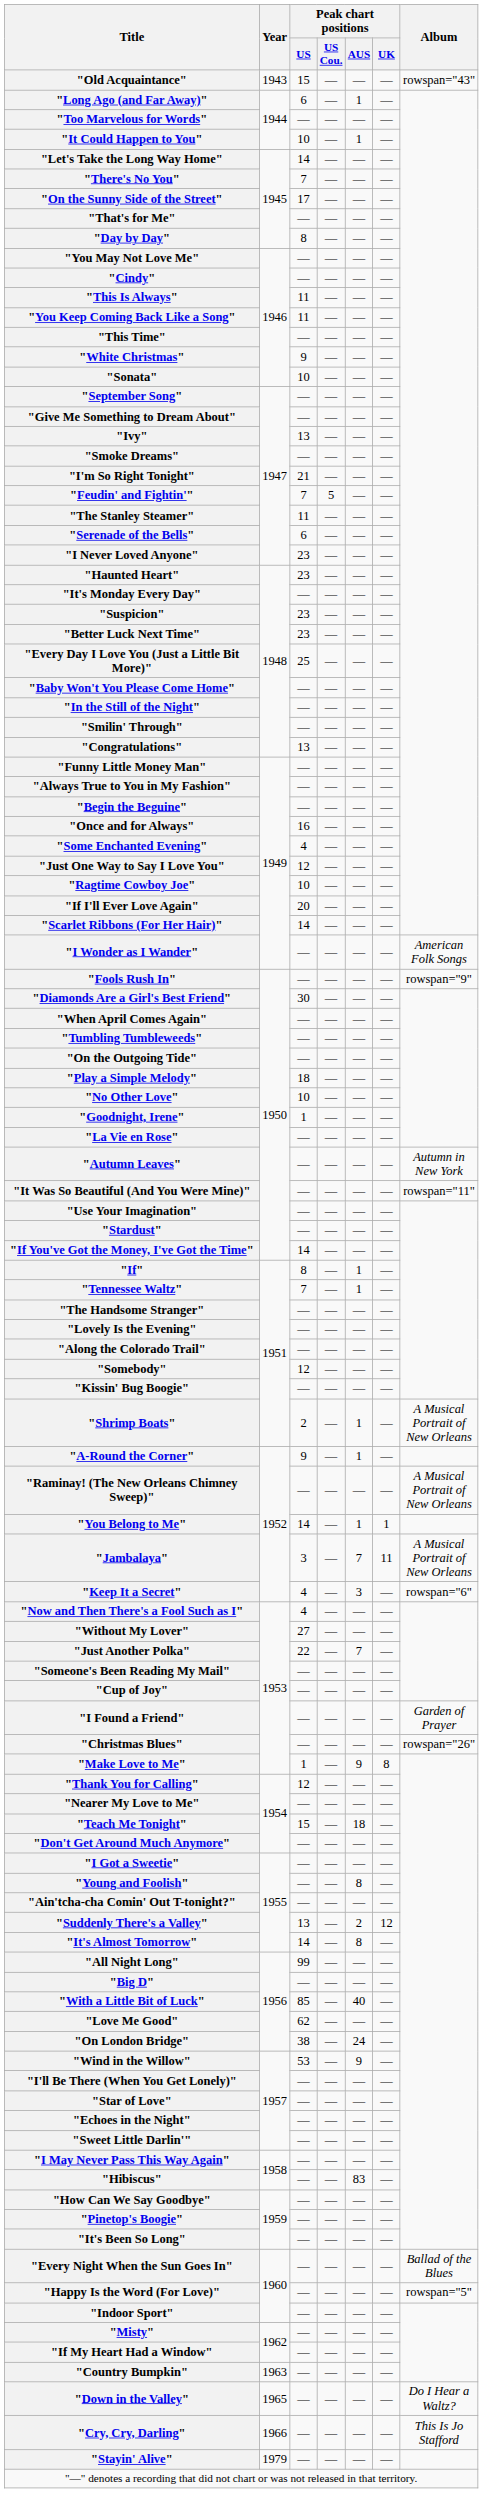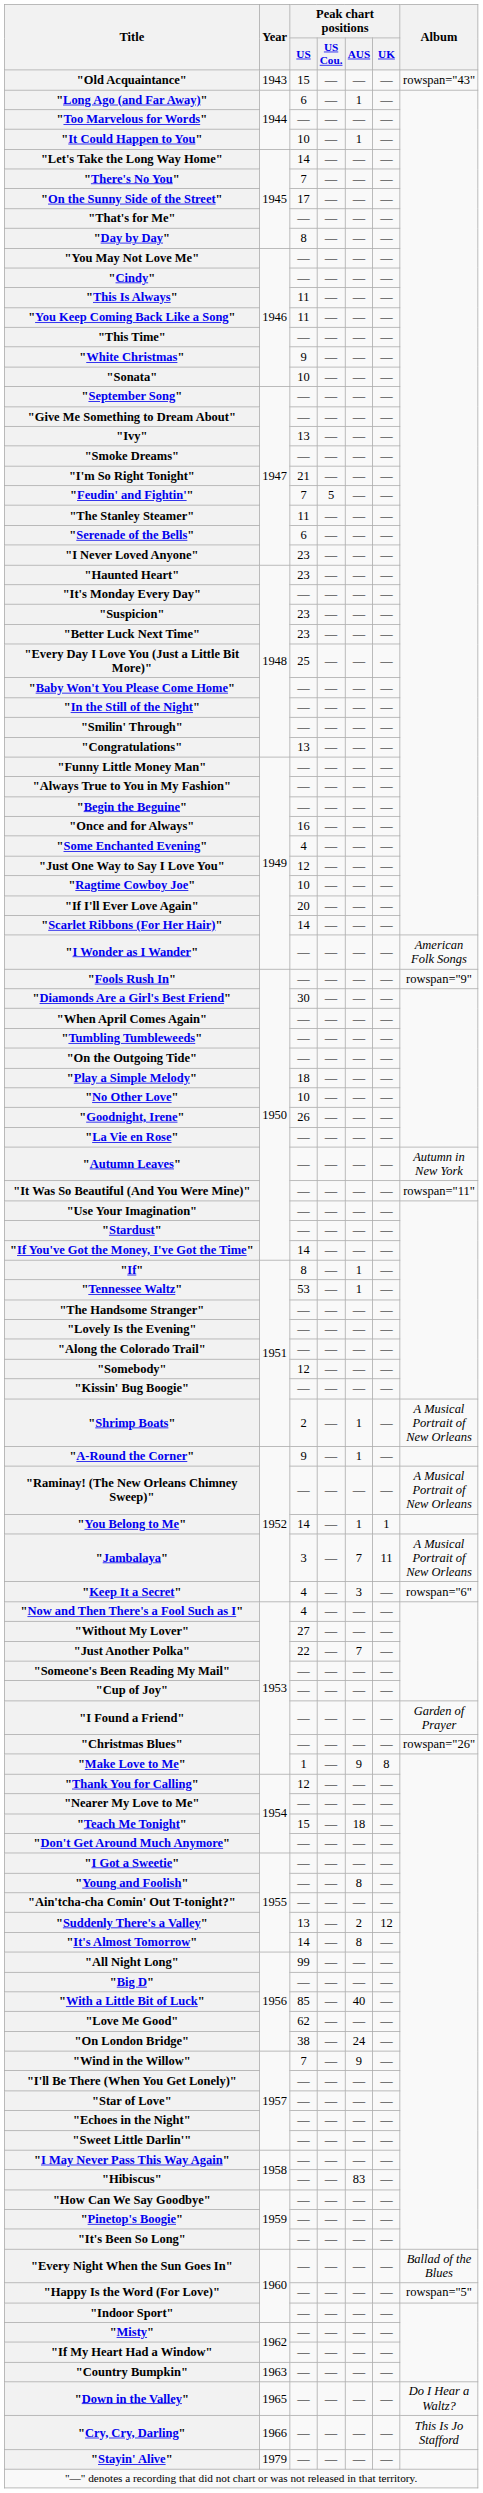 <table class="wikitable plainrowheaders" style="text-align:center;" border="1">
 <tr>
 <th scope="col" rowspan="2" style="width:21em;">Title</th>
 <th scope="col" rowspan="2">Year</th>
 <th scope="col" colspan="4">Peak chart positions</th>
 <th scope="col" rowspan="2">Album</th>
 </tr>
 <tr>
 <th scope="col" style="width:2em;font-size:90%;"><a href='#'>US</a><br></th>
 <th scope="col" style="width:2em;font-size:90%;"><a href='#'>US<br>Cou.</a><br></th>
 <th scope="col" style="width:2em;font-size:90%;"><a href='#'>AUS</a><br></th>
 <th scope="col" style="width:2em;font-size:90%;"><a href='#'>UK</a><br></th>
 </tr>
 <tr>
 <th scope="row">"Old Acquaintance"</th>
 <td>1943</td>
 <td>15</td>
 <td>—</td>
 <td>—</td>
 <td>—</td>
 <td>rowspan="43" </td>
 </tr>
 <tr>
 <th scope="row">"<a href='#'>Long Ago (and Far Away)</a>"</th>
 <td rowspan="3">1944</td>
 <td>6</td>
 <td>—</td>
 <td>1</td>
 <td>—</td>
 </tr>
 <tr>
 <th scope="row">"<a href='#'>Too Marvelous for Words</a>"</th>
 <td>—</td>
 <td>—</td>
 <td>—</td>
 <td>—</td>
 </tr>
 <tr>
 <th scope="row">"<a href='#'>It Could Happen to You</a>"</th>
 <td>10</td>
 <td>—</td>
 <td>1</td>
 <td>—</td>
 </tr>
 <tr>
 <th scope="row">"Let's Take the Long Way Home"</th>
 <td rowspan="5">1945</td>
 <td>14</td>
 <td>—</td>
 <td>—</td>
 <td>—</td>
 </tr>
 <tr>
 <th scope="row">"<a href='#'>There's No You</a>"</th>
 <td>7</td>
 <td>—</td>
 <td>—</td>
 <td>—</td>
 </tr>
 <tr>
 <th scope="row">"<a href='#'>On the Sunny Side of the Street</a>"</th>
 <td>17</td>
 <td>—</td>
 <td>—</td>
 <td>—</td>
 </tr>
 <tr>
 <th scope="row">"That's for Me"</th>
 <td>—</td>
 <td>—</td>
 <td>—</td>
 <td>—</td>
 </tr>
 <tr>
 <th scope="row">"<a href='#'>Day by Day</a>"</th>
 <td>8</td>
 <td>—</td>
 <td>—</td>
 <td>—</td>
 </tr>
 <tr>
 <th scope="row">"You May Not Love Me"</th>
 <td rowspan="7">1946</td>
 <td>—</td>
 <td>—</td>
 <td>—</td>
 <td>—</td>
 </tr>
 <tr>
 <th scope="row">"<a href='#'>Cindy</a>"</th>
 <td>—</td>
 <td>—</td>
 <td>—</td>
 <td>—</td>
 </tr>
 <tr>
 <th scope="row">"<a href='#'>This Is Always</a>"</th>
 <td>11</td>
 <td>—</td>
 <td>—</td>
 <td>—</td>
 </tr>
 <tr>
 <th scope="row">"<a href='#'>You Keep Coming Back Like a Song</a>"</th>
 <td>11</td>
 <td>—</td>
 <td>—</td>
 <td>—</td>
 </tr>
 <tr>
 <th scope="row">"This Time"</th>
 <td>—</td>
 <td>—</td>
 <td>—</td>
 <td>—</td>
 </tr>
 <tr>
 <th scope="row">"<a href='#'>White Christmas</a>"</th>
 <td>9</td>
 <td>—</td>
 <td>—</td>
 <td>—</td>
 </tr>
 <tr>
 <th scope="row">"Sonata"</th>
 <td>10</td>
 <td>—</td>
 <td>—</td>
 <td>—</td>
 </tr>
 <tr>
 <th scope="row">"<a href='#'>September Song</a>"</th>
 <td rowspan="9">1947</td>
 <td>—</td>
 <td>—</td>
 <td>—</td>
 <td>—</td>
 </tr>
 <tr>
 <th scope="row">"Give Me Something to Dream About"</th>
 <td>—</td>
 <td>—</td>
 <td>—</td>
 <td>—</td>
 </tr>
 <tr>
 <th scope="row">"Ivy"</th>
 <td>13</td>
 <td>—</td>
 <td>—</td>
 <td>—</td>
 </tr>
 <tr>
 <th scope="row">"Smoke Dreams"</th>
 <td>—</td>
 <td>—</td>
 <td>—</td>
 <td>—</td>
 </tr>
 <tr>
 <th scope="row">"I'm So Right Tonight"</th>
 <td>21</td>
 <td>—</td>
 <td>—</td>
 <td>—</td>
 </tr>
 <tr>
 <th scope="row">"<a href='#'>Feudin' and Fightin'</a>"</th>
 <td>7</td>
 <td>5</td>
 <td>—</td>
 <td>—</td>
 </tr>
 <tr>
 <th scope="row">"The Stanley Steamer"</th>
 <td>11</td>
 <td>—</td>
 <td>—</td>
 <td>—</td>
 </tr>
 <tr>
 <th scope="row">"<a href='#'>Serenade of the Bells</a>"</th>
 <td>6</td>
 <td>—</td>
 <td>—</td>
 <td>—</td>
 </tr>
 <tr>
 <th scope="row">"I Never Loved Anyone"</th>
 <td>23</td>
 <td>—</td>
 <td>—</td>
 <td>—</td>
 </tr>
 <tr>
 <th scope="row">"Haunted Heart"</th>
 <td rowspan="9">1948</td>
 <td>23</td>
 <td>—</td>
 <td>—</td>
 <td>—</td>
 </tr>
 <tr>
 <th scope="row">"It's Monday Every Day"</th>
 <td>—</td>
 <td>—</td>
 <td>—</td>
 <td>—</td>
 </tr>
 <tr>
 <th scope="row">"Suspicion"</th>
 <td>23</td>
 <td>—</td>
 <td>—</td>
 <td>—</td>
 </tr>
 <tr>
 <th scope="row">"Better Luck Next Time"</th>
 <td>23</td>
 <td>—</td>
 <td>—</td>
 <td>—</td>
 </tr>
 <tr>
 <th scope="row">"Every Day I Love You (Just a Little Bit More)"</th>
 <td>25</td>
 <td>—</td>
 <td>—</td>
 <td>—</td>
 </tr>
 <tr>
 <th scope="row">"<a href='#'>Baby Won't You Please Come Home</a>"</th>
 <td>—</td>
 <td>—</td>
 <td>—</td>
 <td>—</td>
 </tr>
 <tr>
 <th scope="row">"<a href='#'>In the Still of the Night</a>"</th>
 <td>—</td>
 <td>—</td>
 <td>—</td>
 <td>—</td>
 </tr>
 <tr>
 <th scope="row">"Smilin' Through"</th>
 <td>—</td>
 <td>—</td>
 <td>—</td>
 <td>—</td>
 </tr>
 <tr>
 <th scope="row">"Congratulations"</th>
 <td>13</td>
 <td>—</td>
 <td>—</td>
 <td>—</td>
 </tr>
 <tr>
 <th scope="row">"Funny Little Money Man"</th>
 <td rowspan="10">1949</td>
 <td>—</td>
 <td>—</td>
 <td>—</td>
 <td>—</td>
 </tr>
 <tr>
 <th scope="row">"Always True to You in My Fashion"</th>
 <td>—</td>
 <td>—</td>
 <td>—</td>
 <td>—</td>
 </tr>
 <tr>
 <th scope="row">"<a href='#'>Begin the Beguine</a>"</th>
 <td>—</td>
 <td>—</td>
 <td>—</td>
 <td>—</td>
 </tr>
 <tr>
 <th scope="row">"Once and for Always"</th>
 <td>16</td>
 <td>—</td>
 <td>—</td>
 <td>—</td>
 </tr>
 <tr>
 <th scope="row">"<a href='#'>Some Enchanted Evening</a>"</th>
 <td>4</td>
 <td>—</td>
 <td>—</td>
 <td>—</td>
 </tr>
 <tr>
 <th scope="row">"Just One Way to Say I Love You"</th>
 <td>12</td>
 <td>—</td>
 <td>—</td>
 <td>—</td>
 </tr>
 <tr>
 <th scope="row">"<a href='#'>Ragtime Cowboy Joe</a>"</th>
 <td>10</td>
 <td>—</td>
 <td>—</td>
 <td>—</td>
 </tr>
 <tr>
 <th scope="row">"If I'll Ever Love Again"</th>
 <td>20</td>
 <td>—</td>
 <td>—</td>
 <td>—</td>
 </tr>
 <tr>
 <th scope="row">"<a href='#'>Scarlet Ribbons (For Her Hair)</a>"</th>
 <td>14</td>
 <td>—</td>
 <td>—</td>
 <td>—</td>
 </tr>
 <tr>
 <th scope="row">"<a href='#'>I Wonder as I Wander</a>"</th>
 <td>—</td>
 <td>—</td>
 <td>—</td>
 <td>—</td>
 <td><em>American Folk Songs</em></td>
 </tr>
 <tr>
 <th scope="row">"<a href='#'>Fools Rush In</a>"</th>
 <td rowspan="14">1950</td>
 <td>—</td>
 <td>—</td>
 <td>—</td>
 <td>—</td>
 <td>rowspan="9" </td>
 </tr>
 <tr>
 <th scope="row">"<a href='#'>Diamonds Are a Girl's Best Friend</a>"</th>
 <td>30</td>
 <td>—</td>
 <td>—</td>
 <td>—</td>
 </tr>
 <tr>
 <th scope="row">"When April Comes Again"</th>
 <td>—</td>
 <td>—</td>
 <td>—</td>
 <td>—</td>
 </tr>
 <tr>
 <th scope="row">"<a href='#'>Tumbling Tumbleweeds</a>"</th>
 <td>—</td>
 <td>—</td>
 <td>—</td>
 <td>—</td>
 </tr>
 <tr>
 <th scope="row">"On the Outgoing Tide"</th>
 <td>—</td>
 <td>—</td>
 <td>—</td>
 <td>—</td>
 </tr>
 <tr>
 <th scope="row">"<a href='#'>Play a Simple Melody</a>"</th>
 <td>18</td>
 <td>—</td>
 <td>—</td>
 <td>—</td>
 </tr>
 <tr>
 <th scope="row">"<a href='#'>No Other Love</a>"</th>
 <td>10</td>
 <td>—</td>
 <td>—</td>
 <td>—</td>
 </tr>
 <tr>
 <th scope="row">"<a href='#'>Goodnight, Irene</a>"</th>
-<td>1</td>
+<td>26</td>
 <td>—</td>
 <td>—</td>
 <td>—</td>
 </tr>
 <tr>
 <th scope="row">"<a href='#'>La Vie en Rose</a>"</th>
 <td>—</td>
 <td>—</td>
 <td>—</td>
 <td>—</td>
 </tr>
 <tr>
 <th scope="row">"<a href='#'>Autumn Leaves</a>"</th>
 <td>—</td>
 <td>—</td>
 <td>—</td>
 <td>—</td>
 <td><em>Autumn in New York</em></td>
 </tr>
 <tr>
 <th scope="row">"It Was So Beautiful (And You Were Mine)"</th>
 <td>—</td>
 <td>—</td>
 <td>—</td>
 <td>—</td>
 <td>rowspan="11" </td>
 </tr>
 <tr>
 <th scope="row">"Use Your Imagination"</th>
 <td>—</td>
 <td>—</td>
 <td>—</td>
 <td>—</td>
 </tr>
 <tr>
 <th scope="row">"<a href='#'>Stardust</a>"</th>
 <td>—</td>
 <td>—</td>
 <td>—</td>
 <td>—</td>
 </tr>
 <tr>
 <th scope="row">"<a href='#'>If You've Got the Money, I've Got the Time</a>"</th>
 <td>14</td>
 <td>—</td>
 <td>—</td>
 <td>—</td>
 </tr>
 <tr>
 <th scope="row">"<a href='#'>If</a>"</th>
 <td rowspan="8">1951</td>
 <td>8</td>
 <td>—</td>
 <td>1</td>
 <td>—</td>
 </tr>
 <tr>
 <th scope="row">"<a href='#'>Tennessee Waltz</a>"</th>
-<td>7</td>
+<td>53</td>
 <td>—</td>
 <td>1</td>
 <td>—</td>
 </tr>
 <tr>
 <th scope="row">"The Handsome Stranger"</th>
 <td>—</td>
 <td>—</td>
 <td>—</td>
 <td>—</td>
 </tr>
 <tr>
 <th scope="row">"Lovely Is the Evening"</th>
 <td>—</td>
 <td>—</td>
 <td>—</td>
 <td>—</td>
 </tr>
 <tr>
 <th scope="row">"Along the Colorado Trail"</th>
 <td>—</td>
 <td>—</td>
 <td>—</td>
 <td>—</td>
 </tr>
 <tr>
 <th scope="row">"Somebody"</th>
 <td>12</td>
 <td>—</td>
 <td>—</td>
 <td>—</td>
 </tr>
 <tr>
 <th scope="row">"Kissin' Bug Boogie"</th>
 <td>—</td>
 <td>—</td>
 <td>—</td>
 <td>—</td>
 </tr>
 <tr>
 <th scope="row">"<a href='#'>Shrimp Boats</a>"</th>
 <td>2</td>
 <td>—</td>
 <td>1</td>
 <td>—</td>
 <td><em>A Musical Portrait of New Orleans</em></td>
 </tr>
 <tr>
 <th scope="row">"<a href='#'>A-Round the Corner</a>"</th>
 <td rowspan="5">1952</td>
 <td>9</td>
 <td>—</td>
 <td>1</td>
 <td>—</td>
 <td></td>
 </tr>
 <tr>
 <th scope="row">"Raminay! (The New Orleans Chimney Sweep)"</th>
 <td>—</td>
 <td>—</td>
 <td>—</td>
 <td>—</td>
 <td><em>A Musical Portrait of New Orleans</em></td>
 </tr>
 <tr>
 <th scope="row">"<a href='#'>You Belong to Me</a>"</th>
 <td>14</td>
 <td>—</td>
 <td>1</td>
 <td>1</td>
 <td></td>
 </tr>
 <tr>
 <th scope="row">"<a href='#'>Jambalaya</a>"</th>
 <td>3</td>
 <td>—</td>
 <td>7</td>
 <td>11</td>
 <td><em>A Musical Portrait of New Orleans</em></td>
 </tr>
 <tr>
 <th scope="row">"<a href='#'>Keep It a Secret</a>"</th>
 <td>4</td>
 <td>—</td>
 <td>3</td>
 <td>—</td>
 <td>rowspan="6" </td>
 </tr>
 <tr>
 <th scope="row">"<a href='#'>Now and Then There's a Fool Such as I</a>"</th>
 <td rowspan="8">1953</td>
 <td>4</td>
 <td>—</td>
 <td>—</td>
 <td>—</td>
 </tr>
 <tr>
 <th scope="row">"Without My Lover"</th>
 <td>27</td>
 <td>—</td>
 <td>—</td>
 <td>—</td>
 </tr>
 <tr>
 <th scope="row">"Just Another Polka"</th>
 <td>22</td>
 <td>—</td>
 <td>7</td>
 <td>—</td>
 </tr>
 <tr>
 <th scope="row">"Someone's Been Reading My Mail"</th>
 <td>—</td>
 <td>—</td>
 <td>—</td>
 <td>—</td>
 </tr>
 <tr>
 <th scope="row">"Cup of Joy"</th>
 <td>—</td>
 <td>—</td>
 <td>—</td>
 <td>—</td>
 </tr>
 <tr>
 <th scope="row">"I Found a Friend"</th>
 <td>—</td>
 <td>—</td>
 <td>—</td>
 <td>—</td>
 <td><em>Garden of Prayer</em></td>
 </tr>
 <tr>
 <th scope="row">"Christmas Blues"</th>
 <td>—</td>
 <td>—</td>
 <td>—</td>
 <td>—</td>
 <td>rowspan="26" </td>
 </tr>
 <tr>
 <th scope="row">"<a href='#'>Make Love to Me</a>"</th>
 <td>1</td>
 <td>—</td>
 <td>9</td>
 <td>8</td>
 </tr>
 <tr>
 <th scope="row">"<a href='#'>Thank You for Calling</a>"</th>
 <td rowspan="4">1954</td>
 <td>12</td>
 <td>—</td>
 <td>—</td>
 <td>—</td>
 </tr>
 <tr>
 <th scope="row">"Nearer My Love to Me"</th>
 <td>—</td>
 <td>—</td>
 <td>—</td>
 <td>—</td>
 </tr>
 <tr>
 <th scope="row">"<a href='#'>Teach Me Tonight</a>"</th>
 <td>15</td>
 <td>—</td>
 <td>18</td>
 <td>—</td>
 </tr>
 <tr>
 <th scope="row">"<a href='#'>Don't Get Around Much Anymore</a>"</th>
 <td>—</td>
 <td>—</td>
 <td>—</td>
 <td>—</td>
 </tr>
 <tr>
 <th scope="row">"<a href='#'>I Got a Sweetie</a>"</th>
 <td rowspan="5">1955</td>
 <td>—</td>
 <td>—</td>
 <td>—</td>
 <td>—</td>
 </tr>
 <tr>
 <th scope="row">"<a href='#'>Young and Foolish</a>"</th>
 <td>—</td>
 <td>—</td>
 <td>8</td>
 <td>—</td>
 </tr>
 <tr>
 <th scope="row">"Ain'tcha-cha Comin' Out T-tonight?"</th>
 <td>—</td>
 <td>—</td>
 <td>—</td>
 <td>—</td>
 </tr>
 <tr>
 <th scope="row">"<a href='#'>Suddenly There's a Valley</a>"</th>
 <td>13</td>
 <td>—</td>
 <td>2</td>
 <td>12</td>
 </tr>
 <tr>
 <th scope="row">"<a href='#'>It's Almost Tomorrow</a>"</th>
 <td>14</td>
 <td>—</td>
 <td>8</td>
 <td>—</td>
 </tr>
 <tr>
 <th scope="row">"All Night Long"</th>
 <td rowspan="5">1956</td>
 <td>99</td>
 <td>—</td>
 <td>—</td>
 <td>—</td>
 </tr>
 <tr>
 <th scope="row">"<a href='#'>Big D</a>"</th>
 <td>—</td>
 <td>—</td>
 <td>—</td>
 <td>—</td>
 </tr>
 <tr>
 <th scope="row">"<a href='#'>With a Little Bit of Luck</a>"</th>
 <td>85</td>
 <td>—</td>
 <td>40</td>
 <td>—</td>
 </tr>
 <tr>
 <th scope="row">"Love Me Good"</th>
 <td>62</td>
 <td>—</td>
 <td>—</td>
 <td>—</td>
 </tr>
 <tr>
 <th scope="row">"On London Bridge"</th>
 <td>38</td>
 <td>—</td>
 <td>24</td>
 <td>—</td>
 </tr>
 <tr>
 <th scope="row">"Wind in the Willow"</th>
 <td rowspan="5">1957</td>
-<td>53</td>
+<td>7</td>
 <td>—</td>
 <td>9</td>
 <td>—</td>
 </tr>
 <tr>
 <th scope="row">"I'll Be There (When You Get Lonely)"</th>
 <td>—</td>
 <td>—</td>
 <td>—</td>
 <td>—</td>
 </tr>
 <tr>
 <th scope="row">"Star of Love"</th>
 <td>—</td>
 <td>—</td>
 <td>—</td>
 <td>—</td>
 </tr>
 <tr>
 <th scope="row">"Echoes in the Night"</th>
 <td>—</td>
 <td>—</td>
 <td>—</td>
 <td>—</td>
 </tr>
 <tr>
 <th scope="row">"Sweet Little Darlin'"</th>
 <td>—</td>
 <td>—</td>
 <td>—</td>
 <td>—</td>
 </tr>
 <tr>
 <th scope="row">"<a href='#'>I May Never Pass This Way Again</a>"</th>
 <td rowspan="2">1958</td>
 <td>—</td>
 <td>—</td>
 <td>—</td>
 <td>—</td>
 </tr>
 <tr>
 <th scope="row">"Hibiscus"</th>
 <td>—</td>
 <td>—</td>
 <td>83</td>
 <td>—</td>
 </tr>
 <tr>
 <th scope="row">"How Can We Say Goodbye"</th>
 <td rowspan="3">1959</td>
 <td>—</td>
 <td>—</td>
 <td>—</td>
 <td>—</td>
 </tr>
 <tr>
 <th scope="row">"<a href='#'>Pinetop's Boogie</a>"</th>
 <td>—</td>
 <td>—</td>
 <td>—</td>
 <td>—</td>
 </tr>
 <tr>
 <th scope="row">"It's Been So Long"</th>
 <td>—</td>
 <td>—</td>
 <td>—</td>
 <td>—</td>
 </tr>
 <tr>
 <th scope="row">"Every Night When the Sun Goes In"</th>
 <td rowspan="3">1960</td>
 <td>—</td>
 <td>—</td>
 <td>—</td>
 <td>—</td>
 <td><em>Ballad of the Blues</em></td>
 </tr>
 <tr>
 <th scope="row">"Happy Is the Word (For Love)"</th>
 <td>—</td>
 <td>—</td>
 <td>—</td>
 <td>—</td>
 <td>rowspan="5" </td>
 </tr>
 <tr>
 <th scope="row">"Indoor Sport"</th>
 <td>—</td>
 <td>—</td>
 <td>—</td>
 <td>—</td>
 </tr>
 <tr>
 <th scope="row">"<a href='#'>Misty</a>"</th>
 <td rowspan="2">1962</td>
 <td>—</td>
 <td>—</td>
 <td>—</td>
 <td>—</td>
 </tr>
 <tr>
 <th scope="row">"If My Heart Had a Window"</th>
 <td>—</td>
 <td>—</td>
 <td>—</td>
 <td>—</td>
 </tr>
 <tr>
 <th scope="row">"Country Bumpkin"</th>
 <td>1963</td>
 <td>—</td>
 <td>—</td>
 <td>—</td>
 <td>—</td>
 </tr>
 <tr>
 <th scope="row">"<a href='#'>Down in the Valley</a>"</th>
 <td>1965</td>
 <td>—</td>
 <td>—</td>
 <td>—</td>
 <td>—</td>
 <td><em>Do I Hear a Waltz?</em></td>
 </tr>
 <tr>
 <th scope="row">"<a href='#'>Cry, Cry, Darling</a>"</th>
 <td>1966</td>
 <td>—</td>
 <td>—</td>
 <td>—</td>
 <td>—</td>
 <td><em>This Is Jo Stafford</em></td>
 </tr>
 <tr>
 <th scope="row">"<a href='#'>Stayin' Alive</a>"<br></th>
 <td>1979</td>
 <td>—</td>
 <td>—</td>
 <td>—</td>
 <td>—</td>
 <td></td>
 </tr>
 <tr>
 <td colspan="7" style="font-size:90%">"—" denotes a recording that did not chart or was not released in that territory.</td>
 </tr>
 </table>
